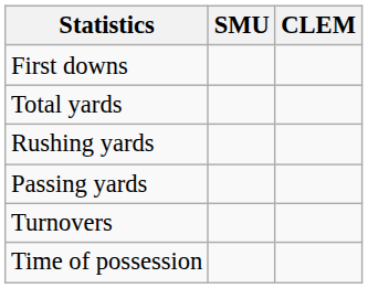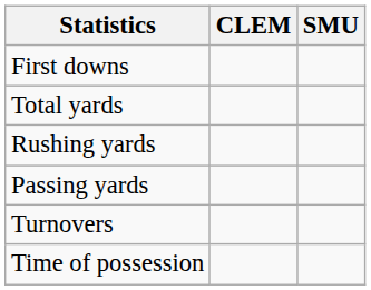 <table class="wikitable" style="float:left">
 <tr>
 <th>Statistics</th>
+<th>CLEM</th>
 <th>SMU</th>
-<th>CLEM</th>
 </tr>
 <tr>
 <td>First downs</td>
 <td></td>
 <td></td>
 </tr>
 <tr>
 <td>Total yards</td>
 <td></td>
 <td></td>
 </tr>
 <tr>
 <td>Rushing yards</td>
 <td></td>
 <td></td>
 </tr>
 <tr>
 <td>Passing yards</td>
 <td></td>
 <td></td>
 </tr>
 <tr>
 <td>Turnovers</td>
 <td></td>
 <td></td>
 </tr>
 <tr>
 <td>Time of possession</td>
 <td></td>
 <td></td>
 </tr>
 </table>
